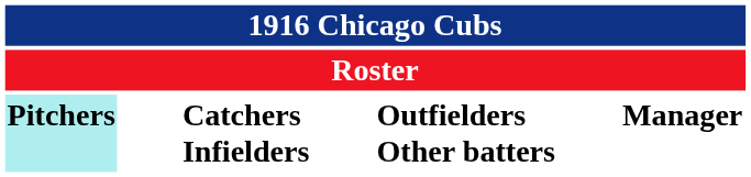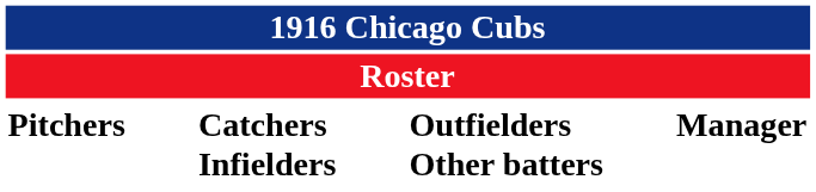 <table class="toccolours" style="font-size: 95%;">
 <tr>
 <th colspan="10" style="background-color: #0e3386; color: white; text-align: center;">1916 Chicago Cubs</th>
 </tr>
 <tr>
 <td colspan="10" style="background-color: #EE1422; color: white; text-align: center;"><strong>Roster</strong></td>
 </tr>
 <tr>
-<td valign="top" style="background: paleturquoise;"><strong>Pitchers</strong><br>          </td>
+<td valign="top"><strong>Pitchers</strong><br>          </td>
 <td width="25px"></td>
 <td valign="top"><strong>Catchers</strong><br>        <strong>Infielders</strong>                </td>
 <td width="25px"></td>
 <td valign="top"><strong>Outfielders</strong><br>         <strong>Other batters</strong> </td>
 <td width="25px"></td>
 <td valign="top"><strong>Manager</strong><br></td>
 </tr>
 </table>
